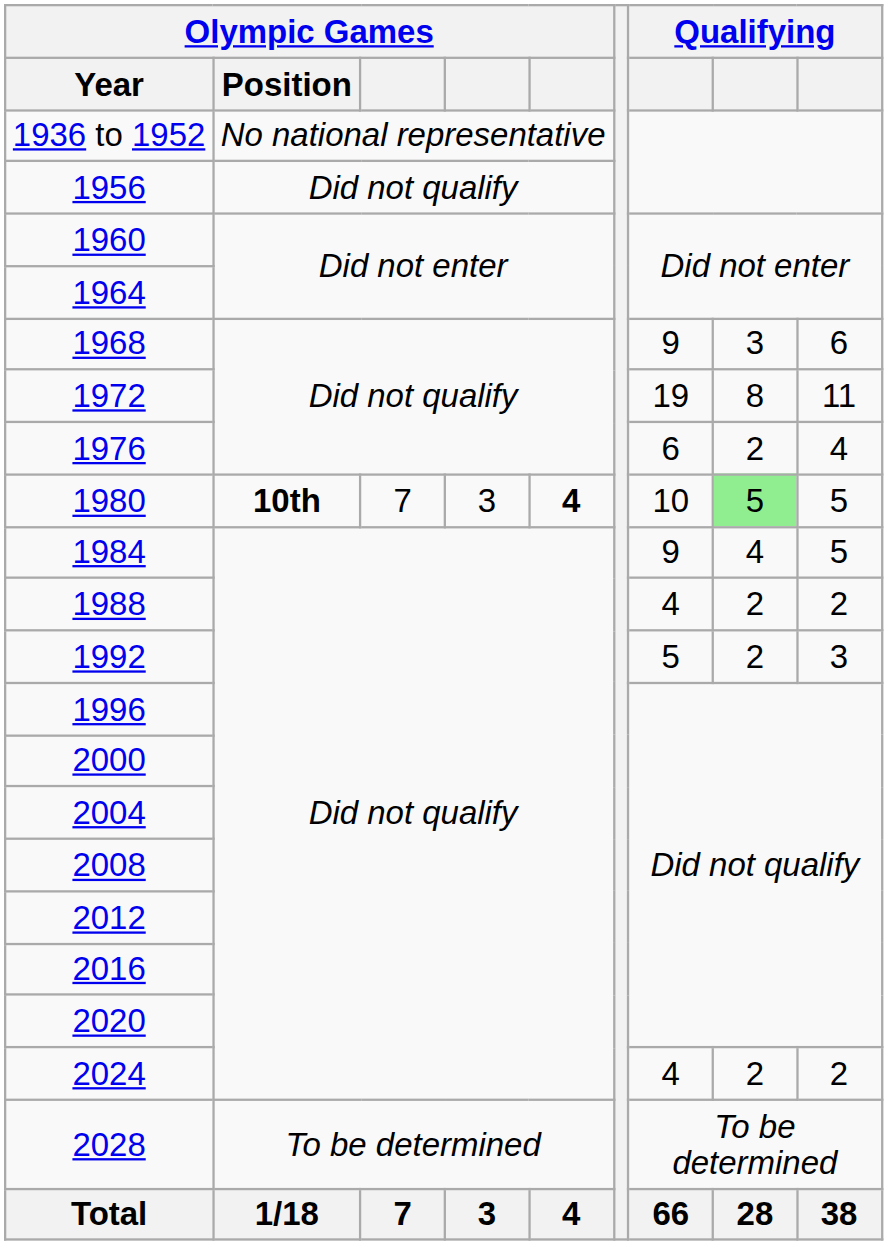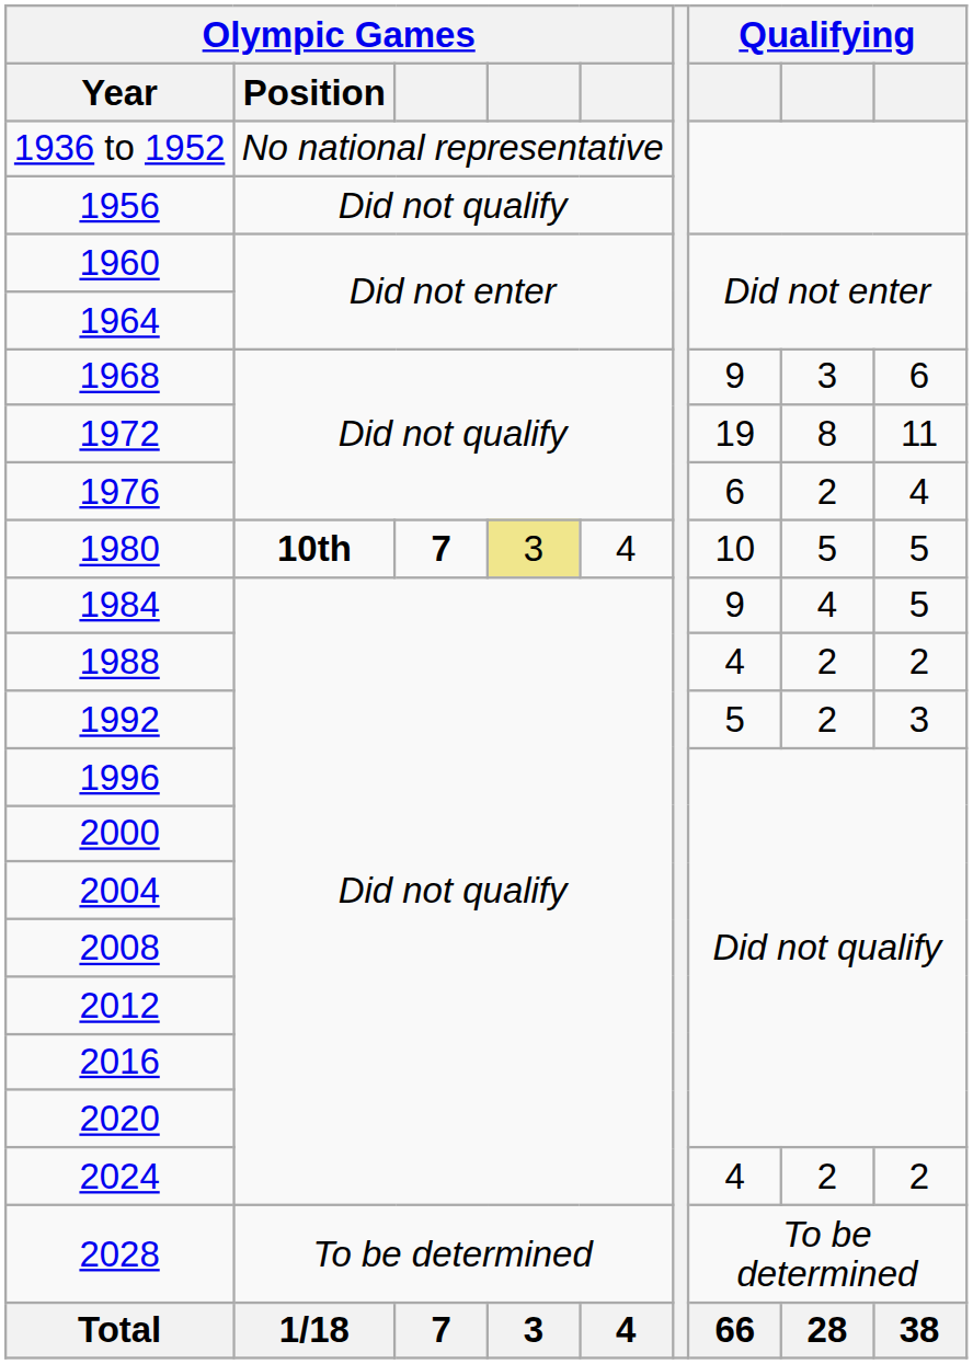 <table class="wikitable" style="text-align: center;font-size:90%;">
 <tr>
 <th colspan=5><a href='#'>Olympic Games</a></th>
 <th rowspan=23></th>
 <th colspan=3><a href='#'>Qualifying</a></th>
 </tr>
 <tr>
 <th>Year</th>
 <th>Position</th>
 <th width=30></th>
 <th width=30></th>
 <th width=30></th>
 <th width=30></th>
 <th width=30></th>
 <th width=30></th>
 </tr>
 <tr>
 <td><a href='#'>1936</a> to <a href='#'>1952</a></td>
 <td colspan=4><em>No national representative</em></td>
 </tr>
 <tr>
 <td> <a href='#'>1956</a></td>
 <td colspan=4><em>Did not qualify</em></td>
 </tr>
 <tr>
 <td> <a href='#'>1960</a></td>
 <td colspan=4 rowspan=2><em>Did not enter</em></td>
 <td colspan=3 rowspan=2><em>Did not enter</em></td>
 </tr>
 <tr>
 <td> <a href='#'>1964</a></td>
 </tr>
 <tr>
 <td> <a href='#'>1968</a></td>
 <td colspan=4 rowspan=3><em>Did not qualify</em></td>
 <td>9</td>
 <td>3</td>
 <td>6</td>
 </tr>
 <tr>
 <td> <a href='#'>1972</a></td>
 <td>19</td>
 <td>8</td>
 <td>11</td>
 </tr>
 <tr>
 <td> <a href='#'>1976</a></td>
 <td>6</td>
 <td>2</td>
 <td>4</td>
 </tr>
 <tr>
 <td> <a href='#'>1980</a></td>
 <td><strong>10th</strong></td>
-<td>7</td>
-<td>3</td>
-<td><strong>4</strong></td>
+<td><strong>7</strong></td>
+<td style="background: khaki;">3</td>
+<td>4</td>
 <td>10</td>
-<td style="background: lightgreen;">5</td>
+<td>5</td>
 <td>5</td>
 </tr>
 <tr>
 <td> <a href='#'>1984</a></td>
 <td colspan=4 rowspan=11><em>Did not qualify</em></td>
 <td>9</td>
 <td>4</td>
 <td>5</td>
 </tr>
 <tr>
 <td> <a href='#'>1988</a></td>
 <td>4</td>
 <td>2</td>
 <td>2</td>
 </tr>
 <tr>
 <td> <a href='#'>1992</a></td>
 <td>5</td>
 <td>2</td>
 <td>3</td>
 </tr>
 <tr>
 <td> <a href='#'>1996</a></td>
 <td colspan=3 rowspan=7><em>Did not qualify</em></td>
 </tr>
 <tr>
 <td> <a href='#'>2000</a></td>
 </tr>
 <tr>
 <td> <a href='#'>2004</a></td>
 </tr>
 <tr>
 <td> <a href='#'>2008</a></td>
 </tr>
 <tr>
 <td> <a href='#'>2012</a></td>
 </tr>
 <tr>
 <td> <a href='#'>2016</a></td>
 </tr>
 <tr>
 <td> <a href='#'>2020</a></td>
 </tr>
 <tr>
 <td> <a href='#'>2024</a></td>
 <td>4</td>
 <td>2</td>
 <td>2</td>
 </tr>
 <tr>
 <td> <a href='#'>2028</a></td>
 <td colspan=4><em>To be determined</em></td>
 <td colspan=3><em>To be determined</em></td>
 </tr>
 <tr>
 <th>Total</th>
 <th>1/18</th>
 <th>7</th>
 <th>3</th>
 <th>4</th>
 <th>66</th>
 <th>28</th>
 <th>38</th>
 </tr>
 </table>
